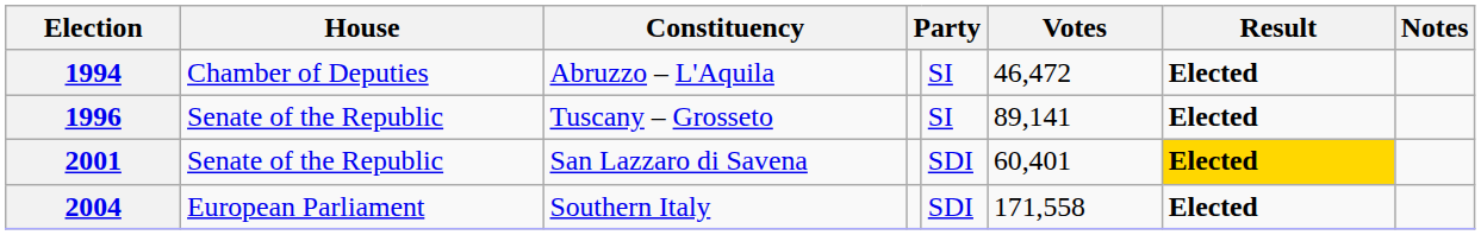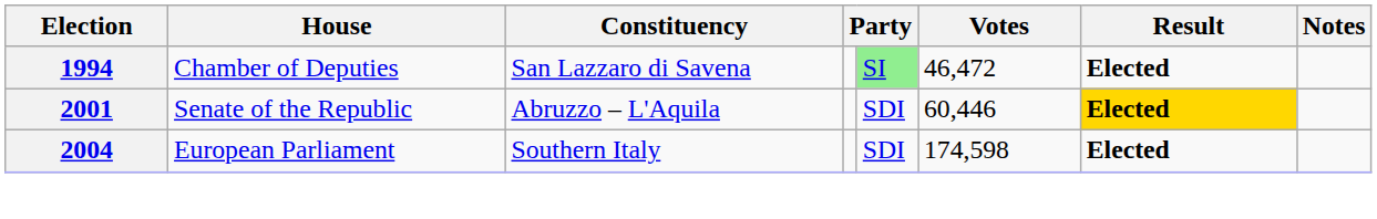 <table class=wikitable style="width:66%; border:1px #AAAAFF solid">
 <tr>
 <th width=12%>Election</th>
 <th width=25%>House</th>
 <th width=25%>Constituency</th>
 <th width=5% colspan="2">Party</th>
 <th width=12%>Votes</th>
 <th width=16%>Result</th>
 <th width=7%>Notes</th>
 </tr>
 <tr>
 <th><a href='#'>1994</a></th>
 <td><a href='#'>Chamber of Deputies</a></td>
-<td><a href='#'>Abruzzo</a> – <a href='#'>L'Aquila</a></td>
+<td><a href='#'>San Lazzaro di Savena</a></td>
 <td></td>
-<td><a href='#'>SI</a></td>
+<td style="background: lightgreen;"><a href='#'>SI</a></td>
 <td>46,472</td>
-<td> <strong>Elected</strong></td>
-<td></td>
-</tr>
-<tr>
-<th><a href='#'>1996</a></th>
-<td><a href='#'>Senate of the Republic</a></td>
-<td><a href='#'>Tuscany</a> – <a href='#'>Grosseto</a></td>
-<td></td>
-<td><a href='#'>SI</a></td>
-<td>89,141</td>
 <td> <strong>Elected</strong></td>
 <td></td>
 </tr>
 <tr>
 <th><a href='#'>2001</a></th>
 <td><a href='#'>Senate of the Republic</a></td>
-<td><a href='#'>San Lazzaro di Savena</a></td>
+<td><a href='#'>Abruzzo</a> – <a href='#'>L'Aquila</a></td>
 <td></td>
 <td><a href='#'>SDI</a></td>
-<td>60,401</td>
+<td>60,446</td>
 <td style="background: gold;"> <strong>Elected</strong></td>
 <td></td>
 </tr>
 <tr>
 <th><a href='#'>2004</a></th>
 <td><a href='#'>European Parliament</a></td>
 <td><a href='#'>Southern Italy</a></td>
 <td></td>
 <td><a href='#'>SDI</a></td>
-<td>171,558</td>
+<td>174,598</td>
 <td> <strong>Elected</strong></td>
 <td></td>
 </tr>
 <tr>
 </tr>
 </table>
